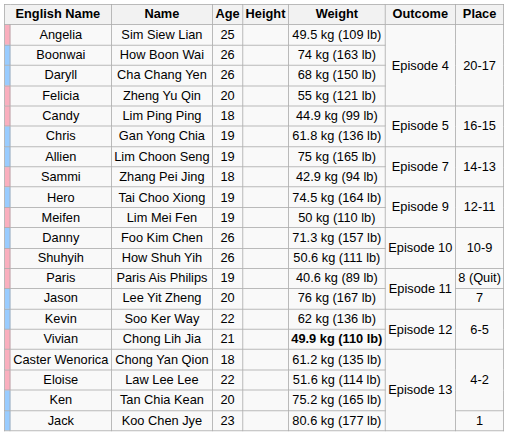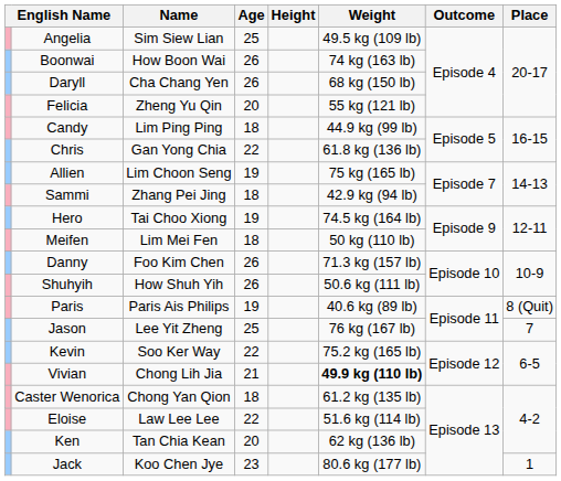 <table class="wikitable sortable" style="text-align:center;">
 <tr>
 <th colspan="2">English Name</th>
 <th>Name</th>
 <th>Age</th>
 <th>Height</th>
 <th>Weight</th>
 <th>Outcome</th>
 <th>Place</th>
 </tr>
 <tr>
 <td style="background:#faafbe"></td>
 <td>Angelia</td>
 <td>Sim Siew Lian</td>
 <td>25</td>
 <td></td>
 <td>49.5 kg (109 lb)</td>
 <td rowspan="4">Episode 4</td>
 <td rowspan="4">20-17</td>
 </tr>
 <tr>
 <td style="background:#9cf;"></td>
 <td>Boonwai</td>
 <td>How Boon Wai</td>
 <td>26</td>
 <td></td>
 <td>74 kg (163 lb)</td>
 </tr>
 <tr>
 <td style="background:#9cf;"></td>
 <td>Daryll</td>
 <td>Cha Chang Yen</td>
 <td>26</td>
 <td></td>
 <td>68 kg (150 lb)</td>
 </tr>
 <tr>
 <td style="background:#faafbe"></td>
 <td>Felicia</td>
 <td>Zheng Yu Qin</td>
 <td>20</td>
 <td></td>
 <td>55 kg (121 lb)</td>
 </tr>
 <tr>
 <td style="background:#faafbe"></td>
 <td>Candy</td>
 <td>Lim Ping Ping</td>
 <td>18</td>
 <td></td>
 <td>44.9 kg (99 lb)</td>
 <td rowspan="2">Episode 5</td>
 <td rowspan="2">16-15</td>
 </tr>
 <tr>
 <td style="background:#9cf;"></td>
 <td>Chris</td>
 <td>Gan Yong Chia</td>
-<td>19</td>
+<td>22</td>
 <td></td>
 <td>61.8 kg (136 lb)</td>
 </tr>
 <tr>
 <td style="background:#9cf;"></td>
 <td>Allien</td>
 <td>Lim Choon Seng</td>
 <td>19</td>
 <td></td>
 <td>75 kg (165 lb)</td>
 <td rowspan="2">Episode 7</td>
 <td rowspan="2">14-13</td>
 </tr>
 <tr>
 <td style="background:#faafbe"></td>
 <td>Sammi</td>
 <td>Zhang Pei Jing</td>
 <td>18</td>
 <td></td>
 <td>42.9 kg (94 lb)</td>
 </tr>
 <tr>
 <td style="background:#9cf;"></td>
 <td>Hero</td>
 <td>Tai Choo Xiong</td>
 <td>19</td>
 <td></td>
 <td>74.5 kg (164 lb)</td>
 <td rowspan="2">Episode 9</td>
 <td rowspan="2">12-11</td>
 </tr>
 <tr>
 <td style="background:#faafbe"></td>
 <td>Meifen</td>
 <td>Lim Mei Fen</td>
-<td>19</td>
+<td>18</td>
 <td></td>
 <td>50 kg (110 lb)</td>
 </tr>
 <tr>
 <td style="background:#9cf;"></td>
 <td>Danny</td>
 <td>Foo Kim Chen</td>
 <td>26</td>
 <td></td>
 <td>71.3 kg (157 lb)</td>
 <td rowspan="2">Episode 10</td>
 <td rowspan="2">10-9</td>
 </tr>
 <tr>
 <td style="background:#faafbe"></td>
 <td>Shuhyih</td>
 <td>How Shuh Yih</td>
 <td>26</td>
 <td></td>
 <td>50.6 kg (111 lb)</td>
 </tr>
 <tr>
 <td style="background:#faafbe"></td>
 <td>Paris</td>
 <td>Paris Ais Philips</td>
 <td>19</td>
 <td></td>
 <td>40.6 kg (89 lb)</td>
 <td rowspan="2">Episode 11</td>
 <td>8 (Quit)</td>
 </tr>
 <tr>
 <td style="background:#9cf;"></td>
 <td>Jason</td>
 <td>Lee Yit Zheng</td>
-<td>20</td>
+<td>25</td>
 <td></td>
 <td>76 kg (167 lb)</td>
 <td>7</td>
 </tr>
 <tr>
 <td style="background:#9cf;"></td>
 <td>Kevin</td>
 <td>Soo Ker Way</td>
 <td>22</td>
 <td></td>
-<td>62 kg (136 lb)</td>
+<td>75.2 kg (165 lb)</td>
 <td rowspan="2">Episode 12</td>
 <td rowspan="2">6-5</td>
 </tr>
 <tr>
 <td style="background:#faafbe"></td>
 <td>Vivian</td>
 <td> Chong Lih Jia</td>
 <td>21</td>
 <td></td>
 <td><strong>49.9 kg (110 lb)</strong></td>
 </tr>
 <tr>
 <td style="background:#faafbe"></td>
 <td>Caster Wenorica</td>
 <td> Chong Yan Qion</td>
 <td>18</td>
 <td></td>
 <td>61.2 kg (135 lb)</td>
 <td rowspan="4">Episode 13</td>
 <td rowspan="3">4-2</td>
 </tr>
 <tr>
 <td style="background:#faafbe"></td>
 <td>Eloise</td>
 <td>Law Lee Lee</td>
 <td>22</td>
 <td></td>
 <td>51.6 kg (114 lb)</td>
 </tr>
 <tr>
 <td style="background:#9cf;"></td>
 <td>Ken</td>
 <td>Tan Chia Kean</td>
 <td>20</td>
 <td></td>
-<td>75.2 kg (165 lb)</td>
+<td>62 kg (136 lb)</td>
 </tr>
 <tr>
 <td style="background:#9cf;"></td>
 <td>Jack</td>
 <td>Koo Chen Jye</td>
 <td>23</td>
 <td></td>
 <td>80.6 kg (177 lb)</td>
 <td>1</td>
 </tr>
 </table>
